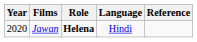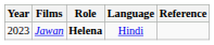 <table class="wikitable" style="text-align:center;">
 <tr style="background:#cfc;">
 <th>Year</th>
 <th>Films</th>
 <th>Role</th>
 <th>Language</th>
 <th>Reference</th>
 </tr>
 <tr>
-<td>2020</td>
+<td>2023</td>
 <td><em><a href='#'>Jawan</a></em></td>
 <td><strong>Helena</strong></td>
 <td><a href='#'>Hindi</a></td>
 <td></td>
 </tr>
 </table>
